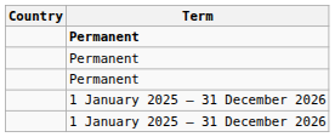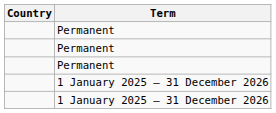 <table class="wikitable">
 <tr>
 <th>Country</th>
 <th>Term</th>
 </tr>
 <tr>
 <td></td>
-<td><strong>Permanent</strong></td>
+<td>Permanent</td>
 </tr>
 <tr>
 <td></td>
 <td>Permanent</td>
 </tr>
 <tr>
 <td></td>
 <td>Permanent</td>
 </tr>
 <tr>
 <td></td>
 <td>1 January 2025 – 31 December 2026</td>
 </tr>
 <tr>
 <td></td>
 <td>1 January 2025 – 31 December 2026</td>
 </tr>
 </table>
